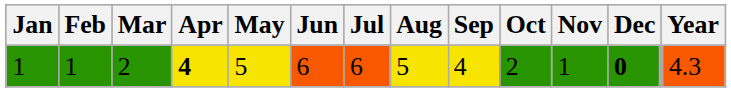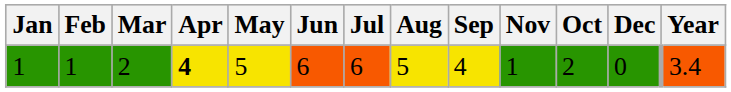 <table class="wikitable" style="margin:1em auto;">
 <tr>
 <th>Jan</th>
 <th>Feb</th>
 <th>Mar</th>
 <th>Apr</th>
 <th>May</th>
 <th>Jun</th>
 <th>Jul</th>
 <th>Aug</th>
 <th>Sep</th>
+<th>Nov</th>
 <th>Oct</th>
-<th>Nov</th>
 <th>Dec</th>
 <th>Year</th>
 </tr>
 <tr>
 <td style="background:#289500;color:#000000;">1</td>
 <td style="background:#289500;color:#000000;">1</td>
 <td style="background:#289500;color:#000000;">2</td>
 <td style="background:#f7e400;color:#000000;"><strong>4</strong></td>
 <td style="background:#f7e400;color:#000000;">5</td>
 <td style="background:#f85900;color:#000000;">6</td>
 <td style="background:#f85900;color:#000000;">6</td>
 <td style="background:#f7e400;color:#000000;">5</td>
 <td style="background:#f7e400;color:#000000;">4</td>
+<td style="background:#289500;color:#000000;">1</td>
 <td style="background:#289500;color:#000000;">2</td>
-<td style="background:#289500;color:#000000;">1</td>
-<td style="background:#289500;color:#000000;"><strong>0</strong></td>
-<td style="background:#f85900;color:#000000;border-left-width:medium">4.3</td>
+<td style="background:#289500;color:#000000;">0</td>
+<td style="background:#f85900;color:#000000;border-left-width:medium">3.4</td>
 </tr>
 </table>
